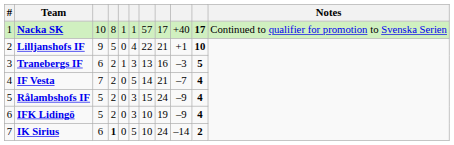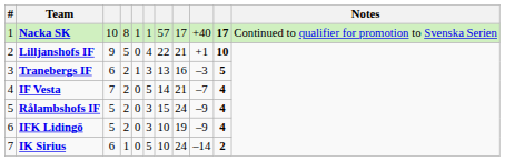 <table class="wikitable sortable">
 <tr>
 <th>#</th>
 <th>Team</th>
 <th></th>
 <th></th>
 <th></th>
 <th></th>
 <th></th>
 <th></th>
 <th></th>
 <th></th>
 <th>Notes</th>
 </tr>
 <tr style="background: #D0F0C0;">
 <td>1</td>
 <td style="font-weight:bold;"><a href='#'>Nacka SK</a></td>
 <td style="text-align: center;">10</td>
 <td style="text-align: center;">8</td>
 <td style="text-align: center;">1</td>
 <td style="text-align: center;">1</td>
 <td style="text-align: center;">57</td>
 <td style="text-align: center;">17</td>
 <td style="text-align: center;">+40</td>
 <td style="text-align: center; font-weight:bold;">17</td>
 <td>Continued to <a href='#'>qualifier for promotion</a> to <a href='#'>Svenska Serien</a></td>
 </tr>
 <tr>
 <td>2</td>
 <td style="font-weight:bold;"><a href='#'>Lilljanshofs IF</a></td>
 <td style="text-align: center;">9</td>
 <td style="text-align: center;">5</td>
 <td style="text-align: center;">0</td>
 <td style="text-align: center;">4</td>
 <td style="text-align: center;">22</td>
 <td style="text-align: center;">21</td>
 <td style="text-align: center;">+1</td>
 <td style="text-align: center; font-weight:bold;">10</td>
 </tr>
 <tr>
 <td>3</td>
 <td style="font-weight:bold;"><a href='#'>Tranebergs IF</a></td>
 <td style="text-align: center;">6</td>
 <td style="text-align: center;">2</td>
 <td style="text-align: center;">1</td>
 <td style="text-align: center;">3</td>
 <td style="text-align: center;">13</td>
 <td style="text-align: center;">16</td>
 <td style="text-align: center;">–3</td>
 <td style="text-align: center; font-weight:bold;">5</td>
 </tr>
 <tr>
 <td>4</td>
 <td style="font-weight:bold;"><a href='#'>IF Vesta</a></td>
 <td style="text-align: center;">7</td>
 <td style="text-align: center;">2</td>
 <td style="text-align: center;">0</td>
 <td style="text-align: center;">5</td>
 <td style="text-align: center;">14</td>
 <td style="text-align: center;">21</td>
 <td style="text-align: center;">–7</td>
 <td style="text-align: center; font-weight:bold;">4</td>
 </tr>
 <tr>
 <td>5</td>
 <td style="font-weight:bold;"><a href='#'>Rålambshofs IF</a></td>
 <td style="text-align: center;">5</td>
 <td style="text-align: center;">2</td>
 <td style="text-align: center;">0</td>
 <td style="text-align: center;">3</td>
 <td style="text-align: center;">15</td>
 <td style="text-align: center;">24</td>
 <td style="text-align: center;">–9</td>
 <td style="text-align: center; font-weight:bold;">4</td>
 </tr>
 <tr>
 <td>6</td>
 <td style="font-weight:bold;"><a href='#'>IFK Lidingö</a></td>
 <td style="text-align: center;">5</td>
 <td style="text-align: center;">2</td>
 <td style="text-align: center;">0</td>
 <td style="text-align: center;">3</td>
 <td style="text-align: center;">10</td>
 <td style="text-align: center;">19</td>
 <td style="text-align: center;">–9</td>
 <td style="text-align: center; font-weight:bold;">4</td>
 </tr>
 <tr>
 <td>7</td>
 <td style="font-weight:bold;"><a href='#'>IK Sirius</a></td>
 <td style="text-align: center;">6</td>
-<td style="text-align: center;"><strong>1</strong></td>
+<td style="text-align: center;">1</td>
 <td style="text-align: center;">0</td>
 <td style="text-align: center;">5</td>
 <td style="text-align: center;">10</td>
 <td style="text-align: center;">24</td>
 <td style="text-align: center;">–14</td>
 <td style="text-align: center; font-weight:bold;">2</td>
 </tr>
 </table>
